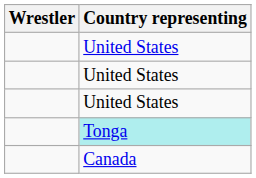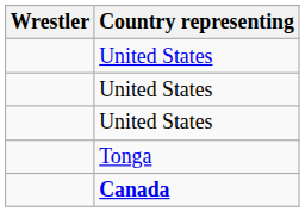 <table class="wikitable sortable">
 <tr>
 <th>Wrestler</th>
 <th>Country representing</th>
 </tr>
 <tr>
 <td></td>
 <td> <a href='#'>United States</a></td>
 </tr>
 <tr>
 <td></td>
 <td> United States</td>
 </tr>
 <tr>
 <td></td>
 <td> United States</td>
 </tr>
 <tr>
 <td></td>
-<td style="background: paleturquoise;"> <a href='#'>Tonga</a></td>
+<td> <a href='#'>Tonga</a></td>
 </tr>
 <tr>
 <td></td>
-<td> <a href='#'>Canada</a></td>
+<td><strong> <a href='#'>Canada</a></strong></td>
 </tr>
 </table>
